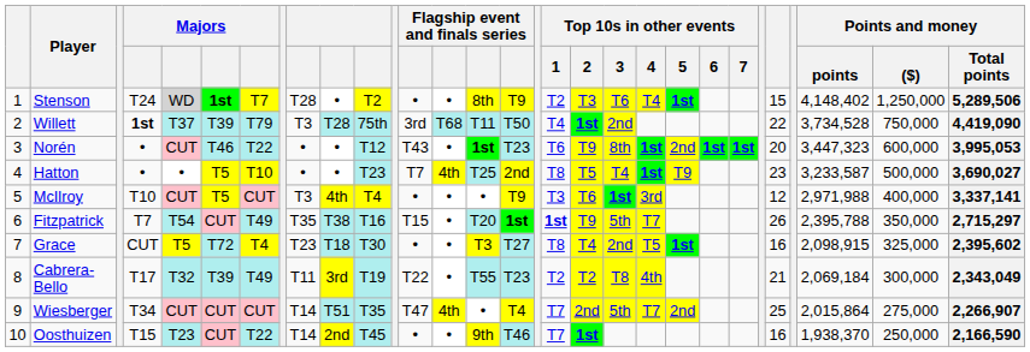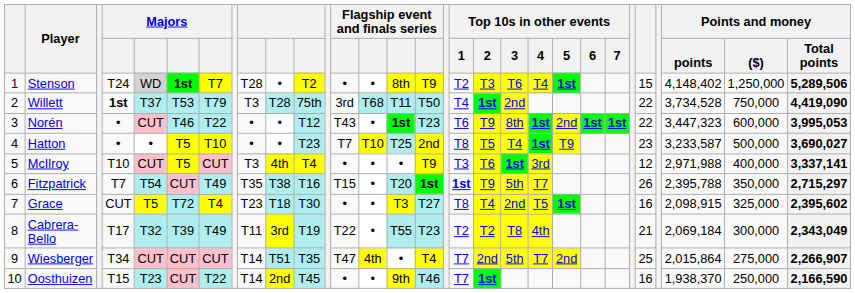 <table class=wikitable style=font-size:85%;text-align:center>
 <tr>
 <th rowspan=2></th>
 <th rowspan="2";>Player</th>
 <th rowspan="32"></th>
 <th colspan=4><a href='#'>Majors</a></th>
 <th rowspan="32"></th>
 <th colspan=3></th>
 <th rowspan="32"></th>
 <th colspan=4>Flagship event and  finals series</th>
 <th rowspan="32"></th>
 <th colspan="7">Top 10s in other  events</th>
 <th rowspan="32"></th>
 <th rowspan=2></th>
 <th rowspan="32"></th>
 <th colspan=3>Points and money</th>
 </tr>
 <tr>
 <th style="width:25px;"></th>
 <th style="width:25px;"></th>
 <th style="width:25px;"></th>
 <th style="width:25px;"></th>
 <th style="width:25px;"></th>
 <th style="width:25px;"></th>
 <th style="width:25px;"></th>
 <th style="width:25px;"></th>
 <th style="width:25px;"></th>
 <th style="width:25px;"></th>
 <th style="width:25px;"></th>
 <th style="width:25px;">1</th>
 <th style="width:25px;">2</th>
 <th style="width:25px;">3</th>
 <th style="width:25px;">4</th>
 <th style="width:25px;">5</th>
 <th style="width:25px;">6</th>
 <th style="width:25px;">7</th>
 <th style=“width:25px;”><br>points</th>
 <th style=“width:25px;”><br>($)</th>
 <th style=“width:25px;”>Total<br>points</th>
 </tr>
 <tr>
 <td>1</td>
 <td align="left"> <a href='#'>Stenson</a></td>
 <td>T24</td>
 <td bgcolor="lightgrey">WD</td>
 <td bgcolor="lime"><strong>1st</strong></td>
 <td bgcolor="yellow">T7</td>
 <td>T28</td>
 <td style="background:white">•</td>
 <td bgcolor="yellow">T2</td>
 <td>•</td>
 <td style="background:white">•</td>
 <td bgcolor="yellow">8th</td>
 <td bgcolor="yellow">T9</td>
 <td><a href='#'>T2</a></td>
 <td bgcolor="yellow"><a href='#'>T3</a></td>
 <td bgcolor="yellow"><a href='#'>T6</a></td>
 <td bgcolor="yellow"><a href='#'>T4</a></td>
 <td bgcolor="lime"><a href='#'><strong>1st</strong></a></td>
 <td bgcolor=""></td>
 <td bgcolor=""></td>
 <td>15</td>
 <td>4,148,402</td>
 <td>1,250,000</td>
 <th>5,289,506</th>
 </tr>
 <tr>
 <td>2</td>
 <td align="left"> <a href='#'>Willett</a></td>
 <td><strong>1st</strong></td>
 <td bgcolor="afeeee">T37</td>
-<td bgcolor="afeeee">T39</td>
+<td bgcolor="afeeee">T53</td>
 <td bgcolor="afeeee">T79</td>
 <td>T3</td>
 <td bgcolor="afeeee">T28</td>
 <td bgcolor="afeeee">75th</td>
 <td>3rd</td>
 <td bgcolor="afeeee">T68</td>
 <td bgcolor="afeeee">T11</td>
 <td bgcolor="afeeee">T50</td>
 <td><a href='#'>T4</a></td>
 <td bgcolor="lime"><a href='#'><strong>1st</strong></a></td>
 <td bgcolor="yellow"><a href='#'>2nd</a></td>
 <td bgcolor=""></td>
 <td bgcolor=""></td>
 <td bgcolor=""></td>
 <td bgcolor=""></td>
 <td>22</td>
 <td>3,734,528</td>
 <td>750,000</td>
 <th>4,419,090</th>
 </tr>
 <tr>
 <td>3</td>
 <td align="left"> <a href='#'>Norén</a></td>
 <td>•</td>
 <td bgcolor="pink">CUT</td>
 <td bgcolor="afeeee">T46</td>
 <td bgcolor="afeeee">T22</td>
 <td>•</td>
 <td style="background:white">•</td>
 <td bgcolor="afeeee">T12</td>
 <td>T43</td>
 <td style="background:white">•</td>
 <td bgcolor="lime"><strong>1st</strong></td>
 <td bgcolor="afeeee">T23</td>
 <td><a href='#'>T6</a></td>
 <td bgcolor="yellow"><a href='#'>T9</a></td>
 <td bgcolor="yellow"><a href='#'>8th</a></td>
 <td bgcolor="lime"><a href='#'><strong>1st</strong></a></td>
 <td bgcolor="yellow"><a href='#'>2nd</a></td>
 <td bgcolor="lime"><a href='#'><strong>1st</strong></a></td>
 <td bgcolor="lime"><a href='#'><strong>1st</strong></a></td>
-<td>20</td>
+<td>22</td>
 <td>3,447,323</td>
 <td>600,000</td>
 <th>3,995,053</th>
 </tr>
 <tr>
 <td>4</td>
 <td align="left"> <a href='#'>Hatton</a></td>
 <td>•</td>
 <td style="background:white">•</td>
 <td bgcolor="yellow">T5</td>
 <td bgcolor="yellow">T10</td>
 <td>•</td>
 <td style="background:white">•</td>
 <td bgcolor="afeeee">T23</td>
 <td>T7</td>
-<td bgcolor="yellow">4th</td>
+<td bgcolor="yellow">T10</td>
 <td bgcolor="afeeee">T25</td>
 <td bgcolor="yellow">2nd</td>
 <td><a href='#'>T8</a></td>
 <td bgcolor="yellow"><a href='#'>T5</a></td>
 <td bgcolor="yellow"><a href='#'>T4</a></td>
 <td bgcolor="lime"><a href='#'><strong>1st</strong></a></td>
 <td bgcolor="yellow"><a href='#'>T9</a></td>
 <td bgcolor=""></td>
 <td bgcolor=""></td>
 <td>23</td>
 <td>3,233,587</td>
 <td>500,000</td>
 <th>3,690,027</th>
 </tr>
 <tr>
 <td>5</td>
 <td align="left"> <a href='#'>McIlroy</a></td>
 <td>T10</td>
 <td bgcolor="pink">CUT</td>
 <td bgcolor="yellow">T5</td>
 <td bgcolor="pink">CUT</td>
 <td>T3</td>
 <td bgcolor="yellow">4th</td>
 <td bgcolor="yellow">T4</td>
 <td>•</td>
 <td style="background:white">•</td>
 <td style="background:white">•</td>
 <td bgcolor="yellow">T9</td>
 <td><a href='#'>T3</a></td>
 <td bgcolor="yellow"><a href='#'>T6</a></td>
 <td bgcolor="lime"><a href='#'><strong>1st</strong></a></td>
 <td bgcolor="yellow"><a href='#'>3rd</a></td>
 <td bgcolor=""></td>
 <td bgcolor=""></td>
 <td bgcolor=""></td>
 <td>12</td>
 <td>2,971,988</td>
 <td>400,000</td>
 <th>3,337,141</th>
 </tr>
 <tr>
 <td>6</td>
 <td align="left"> <a href='#'>Fitzpatrick</a></td>
 <td>T7</td>
 <td bgcolor="afeeee">T54</td>
 <td bgcolor="pink">CUT</td>
 <td bgcolor="afeeee">T49</td>
 <td>T35</td>
 <td bgcolor="afeeee">T38</td>
 <td bgcolor="afeeee">T16</td>
 <td>T15</td>
 <td style="background:white">•</td>
 <td bgcolor="afeeee">T20</td>
 <td bgcolor="lime"><strong>1st</strong></td>
 <td><a href='#'><strong>1st</strong></a></td>
 <td bgcolor="yellow"><a href='#'>T9</a></td>
 <td bgcolor="yellow"><a href='#'>5th</a></td>
 <td bgcolor="yellow"><a href='#'>T7</a></td>
 <td bgcolor=""></td>
 <td bgcolor=""></td>
 <td bgcolor=""></td>
 <td>26</td>
 <td>2,395,788</td>
 <td>350,000</td>
 <th>2,715,297</th>
 </tr>
 <tr>
 <td>7</td>
 <td align="left"> <a href='#'>Grace</a></td>
 <td>CUT</td>
 <td bgcolor="yellow">T5</td>
 <td bgcolor="afeeee">T72</td>
 <td bgcolor="yellow">T4</td>
 <td>T23</td>
 <td bgcolor="afeeee">T18</td>
 <td bgcolor="afeeee">T30</td>
 <td>•</td>
 <td style="background:white">•</td>
 <td bgcolor="yellow">T3</td>
 <td bgcolor="afeeee">T27</td>
 <td><a href='#'>T8</a></td>
 <td bgcolor="yellow"><a href='#'>T4</a></td>
 <td bgcolor="yellow"><a href='#'>2nd</a></td>
 <td bgcolor="yellow"><a href='#'>T5</a></td>
 <td bgcolor="lime"><a href='#'><strong>1st</strong></a></td>
 <td bgcolor=""></td>
 <td bgcolor=""></td>
 <td>16</td>
 <td>2,098,915</td>
 <td>325,000</td>
 <th>2,395,602</th>
 </tr>
 <tr>
 <td>8</td>
 <td align="left"> <a href='#'>Cabrera-Bello</a></td>
 <td>T17</td>
 <td bgcolor="afeeee">T32</td>
 <td bgcolor="afeeee">T39</td>
 <td bgcolor="afeeee">T49</td>
 <td>T11</td>
 <td bgcolor="yellow">3rd</td>
 <td bgcolor="afeeee">T19</td>
 <td>T22</td>
 <td style="background:white">•</td>
 <td bgcolor="afeeee">T55</td>
 <td bgcolor="afeeee">T23</td>
 <td><a href='#'>T2</a></td>
 <td bgcolor="yellow"><a href='#'>T2</a></td>
 <td bgcolor="yellow"><a href='#'>T8</a></td>
 <td bgcolor="yellow"><a href='#'>4th</a></td>
 <td bgcolor=""></td>
 <td bgcolor=""></td>
 <td bgcolor=""></td>
 <td>21</td>
 <td>2,069,184</td>
 <td>300,000</td>
 <th>2,343,049</th>
 </tr>
 <tr>
 <td>9</td>
 <td align="left"> <a href='#'>Wiesberger</a></td>
 <td>T34</td>
 <td bgcolor="pink">CUT</td>
 <td bgcolor="pink">CUT</td>
 <td bgcolor="pink">CUT</td>
 <td>T14</td>
 <td bgcolor="afeeee">T51</td>
 <td bgcolor="afeeee">T35</td>
 <td>T47</td>
 <td bgcolor="yellow">4th</td>
 <td style="background:white">•</td>
 <td bgcolor="yellow">T4</td>
 <td><a href='#'>T7</a></td>
 <td bgcolor="yellow"><a href='#'>2nd</a></td>
 <td bgcolor="yellow"><a href='#'>5th</a></td>
 <td bgcolor="yellow"><a href='#'>T7</a></td>
 <td bgcolor="yellow"><a href='#'>2nd</a></td>
 <td bgcolor=""></td>
 <td bgcolor=""></td>
 <td>25</td>
 <td>2,015,864</td>
 <td>275,000</td>
 <th>2,266,907</th>
 </tr>
 <tr>
 <td>10</td>
 <td align="left"> <a href='#'>Oosthuizen</a></td>
 <td>T15</td>
 <td bgcolor="afeeee">T23</td>
 <td bgcolor="pink">CUT</td>
 <td bgcolor="afeeee">T22</td>
 <td>T14</td>
 <td bgcolor="yellow">2nd</td>
 <td bgcolor="afeeee">T45</td>
 <td>•</td>
 <td style="background:white">•</td>
 <td bgcolor="yellow">9th</td>
 <td bgcolor="afeeee">T46</td>
 <td><a href='#'>T7</a></td>
 <td bgcolor="lime"><a href='#'><strong>1st</strong></a></td>
 <td bgcolor=""></td>
 <td bgcolor=""></td>
 <td bgcolor=""></td>
 <td bgcolor=""></td>
 <td bgcolor=""></td>
 <td>16</td>
 <td>1,938,370</td>
 <td>250,000</td>
 <th>2,166,590</th>
 </tr>
 </table>
